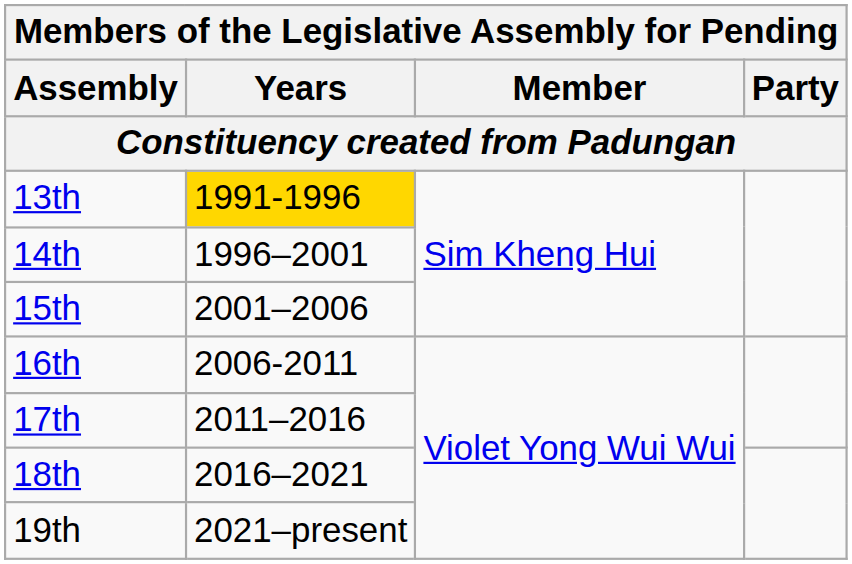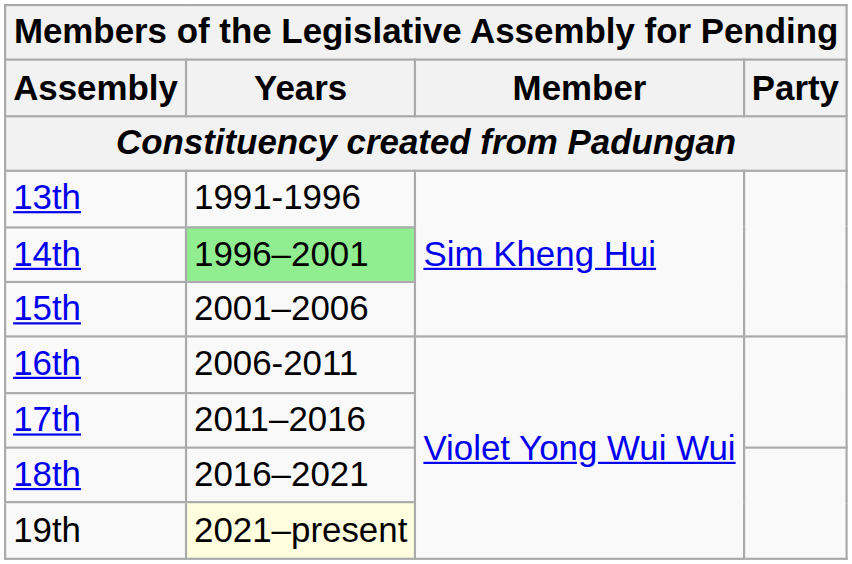 <table class=wikitable>
 <tr>
 <th colspan="4">Members of the Legislative Assembly for Pending</th>
 </tr>
 <tr>
 <th>Assembly</th>
 <th>Years</th>
 <th>Member</th>
 <th>Party</th>
 </tr>
 <tr>
 <th colspan=4 align=center><em>Constituency created from Padungan</em></th>
 </tr>
 <tr>
 <td><a href='#'>13th</a></td>
-<td style="background: gold;">1991-1996</td>
+<td>1991-1996</td>
 <td rowspan=3><a href='#'>Sim Kheng Hui</a></td>
 <td rowspan=3></td>
 </tr>
 <tr>
 <td><a href='#'>14th</a></td>
-<td>1996–2001</td>
+<td style="background: lightgreen;">1996–2001</td>
 </tr>
 <tr>
 <td><a href='#'>15th</a></td>
 <td>2001–2006</td>
 </tr>
 <tr>
 <td><a href='#'>16th</a></td>
 <td>2006-2011</td>
 <td rowspan=4><a href='#'>Violet Yong Wui Wui</a></td>
 <td rowspan="2"></td>
 </tr>
 <tr>
 <td><a href='#'>17th</a></td>
 <td>2011–2016</td>
 </tr>
 <tr>
 <td><a href='#'>18th</a></td>
 <td>2016–2021</td>
 <td rowspan="2"></td>
 </tr>
 <tr>
 <td>19th</td>
-<td>2021–present</td>
+<td style="background: lightyellow;">2021–present</td>
 </tr>
 </table>
